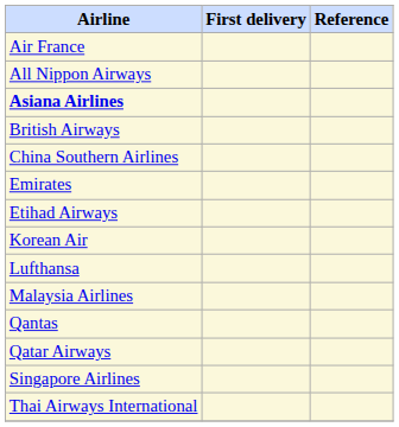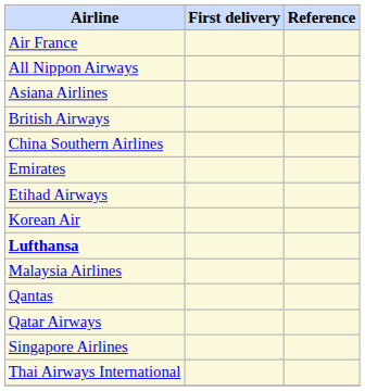 <table class="wikitable sortable" style="background-color:#fbf8db">
 <tr>
 <th style="background-color:#ccddff">Airline</th>
 <th style="background-color:#ccddff">First delivery</th>
 <th class="unsortable" style="background-color:#ccddff">Reference</th>
 </tr>
 <tr>
 <td><a href='#'>Air France</a></td>
 <td align="right"></td>
 <td align="center"></td>
 </tr>
 <tr>
 <td><a href='#'>All Nippon Airways</a></td>
 <td align="right"></td>
 <td align="center"></td>
 </tr>
 <tr>
-<td><strong><a href='#'>Asiana Airlines</a></strong></td>
+<td><a href='#'>Asiana Airlines</a></td>
 <td align="right"></td>
 <td align="center"></td>
 </tr>
 <tr>
 <td><a href='#'>British Airways</a></td>
 <td align="right"></td>
 <td align="center"></td>
 </tr>
 <tr>
 <td><a href='#'>China Southern Airlines</a></td>
 <td align="right"></td>
 <td align="center"></td>
 </tr>
 <tr>
 <td><a href='#'>Emirates</a></td>
 <td align="right"></td>
 <td align="center"></td>
 </tr>
 <tr>
 <td><a href='#'>Etihad Airways</a></td>
 <td align="right"></td>
 <td align="center"></td>
 </tr>
 <tr>
 <td><a href='#'>Korean Air</a></td>
 <td align="right"></td>
 <td align="center"></td>
 </tr>
 <tr>
-<td><a href='#'>Lufthansa</a></td>
+<td><strong><a href='#'>Lufthansa</a></strong></td>
 <td align="right"></td>
 <td align="center"></td>
 </tr>
 <tr>
 <td><a href='#'>Malaysia Airlines</a></td>
 <td align="right"></td>
 <td align="center"></td>
 </tr>
 <tr>
 <td><a href='#'>Qantas</a></td>
 <td align="right"></td>
 <td align="center"></td>
 </tr>
 <tr>
 <td><a href='#'>Qatar Airways</a></td>
 <td align="right"></td>
 <td align="center"></td>
 </tr>
 <tr>
 <td><a href='#'>Singapore Airlines</a></td>
 <td align="right"></td>
 <td align="center"></td>
 </tr>
 <tr>
 <td><a href='#'>Thai Airways International</a></td>
 <td align="right"></td>
 <td align="center"></td>
 </tr>
 <tr>
 </tr>
 </table>
